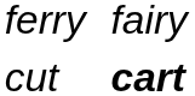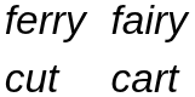 <table style="margin-left: 1em;" cellspacing="3">
 <tr>
 <td> <em>ferry</em></td>
 <td></td>
 <td> <em>fairy</em></td>
 </tr>
 <tr>
 <td> <em>cut</em></td>
 <td></td>
-<td><strong> <em>cart</em></strong></td>
+<td> <em>cart</em></td>
 </tr>
 </table>
